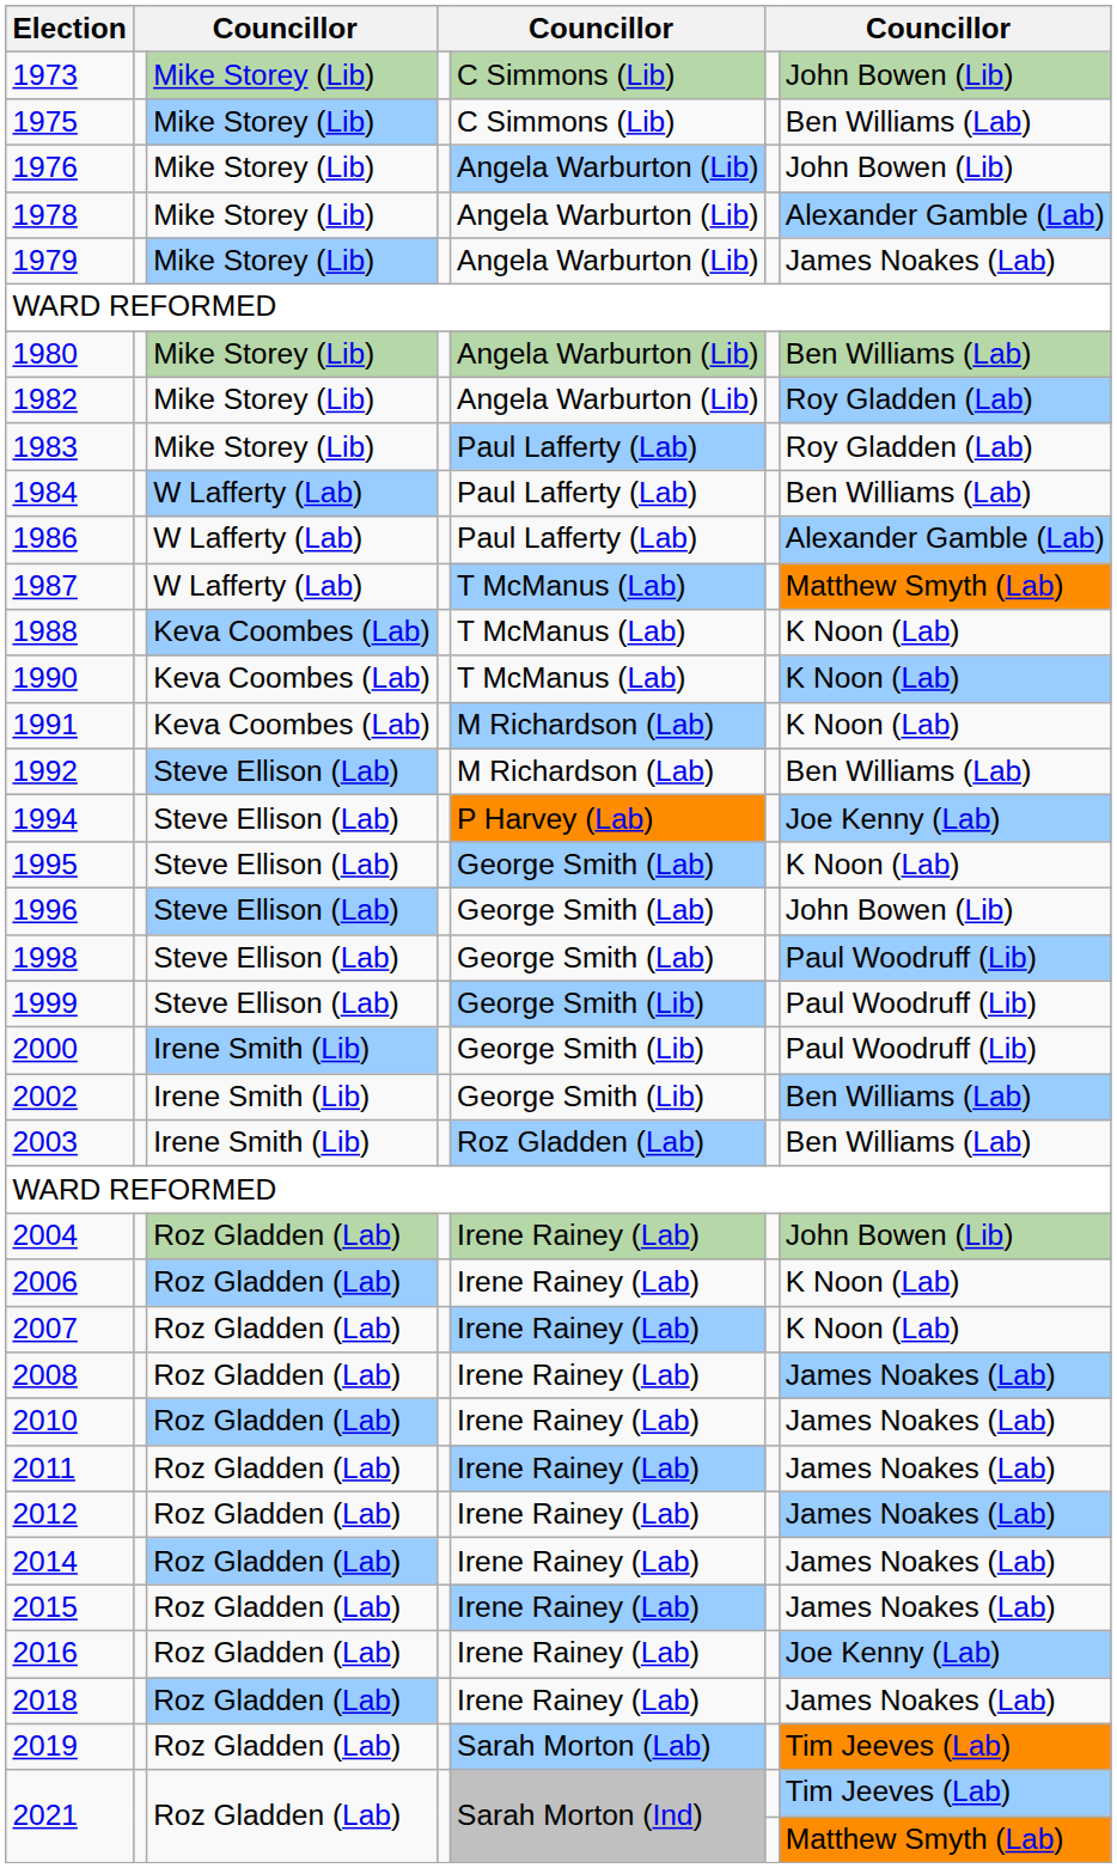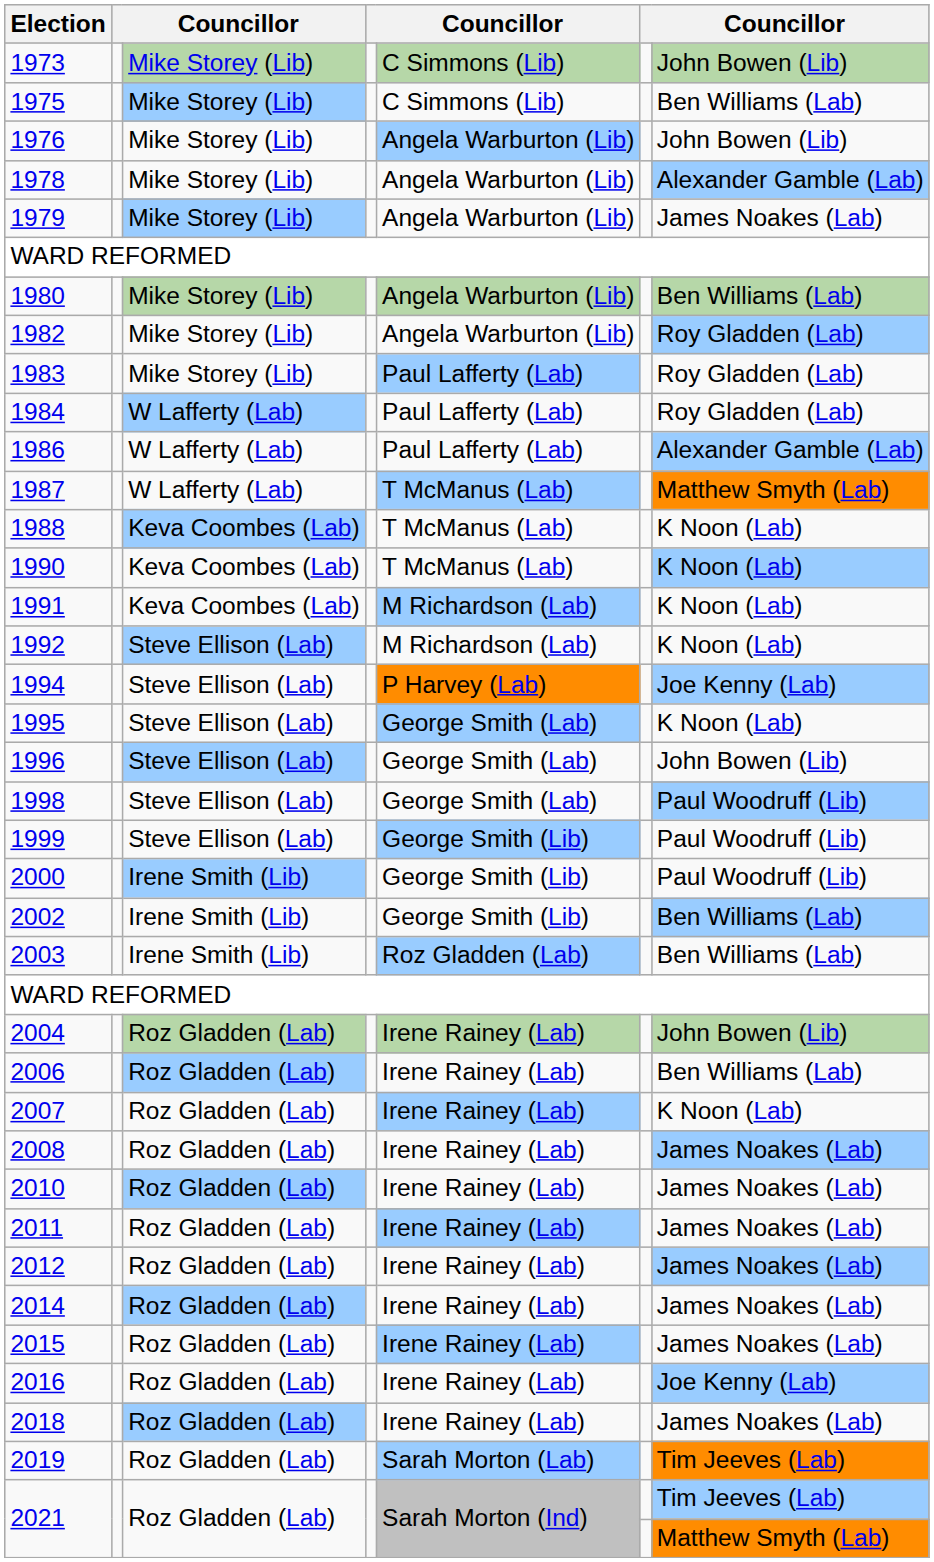 <table class="wikitable">
 <tr>
 <th>Election</th>
 <th colspan="2">Councillor</th>
 <th colspan="2">Councillor</th>
 <th colspan="2">Councillor</th>
 </tr>
 <tr>
 <td><a href='#'>1973</a></td>
 <td style="background-color: "></td>
 <td bgcolor="#B6D7A8"><a href='#'>Mike Storey</a> (<a href='#'>Lib</a>)</td>
 <td style="background-color: "></td>
 <td bgcolor="#B6D7A8">C Simmons (<a href='#'>Lib</a>)</td>
 <td style="background-color: "></td>
 <td bgcolor="#B6D7A8">John Bowen (<a href='#'>Lib</a>)</td>
 </tr>
 <tr>
 <td><a href='#'>1975</a></td>
 <td style="background-color: "></td>
 <td bgcolor="#99CCFF">Mike Storey (<a href='#'>Lib</a>)</td>
 <td style="background-color: "></td>
 <td>C Simmons (<a href='#'>Lib</a>)</td>
 <td style="background-color: "></td>
 <td>Ben Williams (<a href='#'>Lab</a>)</td>
 </tr>
 <tr>
 <td><a href='#'>1976</a></td>
 <td style="background-color: "></td>
 <td>Mike Storey (<a href='#'>Lib</a>)</td>
 <td style="background-color: "></td>
 <td bgcolor="#99CCFF">Angela Warburton (<a href='#'>Lib</a>)</td>
 <td style="background-color: "></td>
 <td>John Bowen (<a href='#'>Lib</a>)</td>
 </tr>
 <tr>
 <td><a href='#'>1978</a></td>
 <td style="background-color: "></td>
 <td>Mike Storey (<a href='#'>Lib</a>)</td>
 <td style="background-color: "></td>
 <td>Angela Warburton (<a href='#'>Lib</a>)</td>
 <td style="background-color: "></td>
 <td bgcolor="#99CCFF">Alexander Gamble (<a href='#'>Lab</a>)</td>
 </tr>
 <tr>
 <td><a href='#'>1979</a></td>
 <td style="background-color: "></td>
 <td bgcolor="#99CCFF">Mike Storey (<a href='#'>Lib</a>)</td>
 <td style="background-color: "></td>
 <td>Angela Warburton (<a href='#'>Lib</a>)</td>
 <td style="background-color: "></td>
 <td>James Noakes (<a href='#'>Lab</a>)</td>
 </tr>
 <tr>
 <td colspan="8" bgcolor="#FFF"><div>WARD REFORMED</div></td>
 </tr>
 <tr>
 <td><a href='#'>1980</a></td>
 <td style="background-color: "></td>
 <td bgcolor="#B6D7A8">Mike Storey (<a href='#'>Lib</a>)</td>
 <td style="background-color: "></td>
 <td bgcolor="#B6D7A8">Angela Warburton (<a href='#'>Lib</a>)</td>
 <td style="background-color: "></td>
 <td bgcolor="#B6D7A8">Ben Williams (<a href='#'>Lab</a>)</td>
 </tr>
 <tr>
 <td><a href='#'>1982</a></td>
 <td style="background-color: "></td>
 <td>Mike Storey (<a href='#'>Lib</a>)</td>
 <td style="background-color: "></td>
 <td>Angela Warburton (<a href='#'>Lib</a>)</td>
 <td style="background-color: "></td>
 <td bgcolor="#99CCFF">Roy Gladden (<a href='#'>Lab</a>)</td>
 </tr>
 <tr>
 <td><a href='#'>1983</a></td>
 <td style="background-color: "></td>
 <td>Mike Storey (<a href='#'>Lib</a>)</td>
 <td style="background-color: "></td>
 <td bgcolor="#99CCFF">Paul Lafferty (<a href='#'>Lab</a>)</td>
 <td style="background-color: "></td>
 <td>Roy Gladden (<a href='#'>Lab</a>)</td>
 </tr>
 <tr>
 <td><a href='#'>1984</a></td>
 <td style="background-color: "></td>
 <td bgcolor="#99CCFF">W Lafferty (<a href='#'>Lab</a>)</td>
 <td style="background-color: "></td>
 <td>Paul Lafferty (<a href='#'>Lab</a>)</td>
 <td style="background-color: "></td>
-<td>Ben Williams (<a href='#'>Lab</a>)</td>
+<td>Roy Gladden (<a href='#'>Lab</a>)</td>
 </tr>
 <tr>
 <td><a href='#'>1986</a></td>
 <td style="background-color: "></td>
 <td>W Lafferty (<a href='#'>Lab</a>)</td>
 <td style="background-color: "></td>
 <td>Paul Lafferty (<a href='#'>Lab</a>)</td>
 <td style="background-color: "></td>
 <td bgcolor="#99CCFF">Alexander Gamble (<a href='#'>Lab</a>)</td>
 </tr>
 <tr>
 <td><a href='#'>1987</a></td>
 <td style="background-color: "></td>
 <td>W Lafferty (<a href='#'>Lab</a>)</td>
 <td style="background-color: "></td>
 <td bgcolor="#99CCFF">T McManus (<a href='#'>Lab</a>)</td>
 <td style="background-color: "></td>
 <td bgcolor="#FF8C00">Matthew Smyth (<a href='#'>Lab</a>)</td>
 </tr>
 <tr>
 <td><a href='#'>1988</a></td>
 <td style="background-color: "></td>
 <td bgcolor="#99CCFF">Keva Coombes (<a href='#'>Lab</a>)</td>
 <td style="background-color: "></td>
 <td>T McManus (<a href='#'>Lab</a>)</td>
 <td style="background-color: "></td>
 <td>K Noon (<a href='#'>Lab</a>)</td>
 </tr>
 <tr>
 <td><a href='#'>1990</a></td>
 <td style="background-color: "></td>
 <td>Keva Coombes (<a href='#'>Lab</a>)</td>
 <td style="background-color: "></td>
 <td>T McManus (<a href='#'>Lab</a>)</td>
 <td style="background-color: "></td>
 <td bgcolor="#99CCFF">K Noon (<a href='#'>Lab</a>)</td>
 </tr>
 <tr>
 <td><a href='#'>1991</a></td>
 <td style="background-color: "></td>
 <td>Keva Coombes (<a href='#'>Lab</a>)</td>
 <td style="background-color: "></td>
 <td bgcolor="#99CCFF">M Richardson (<a href='#'>Lab</a>)</td>
 <td style="background-color: "></td>
 <td>K Noon (<a href='#'>Lab</a>)</td>
 </tr>
 <tr>
 <td><a href='#'>1992</a></td>
 <td style="background-color: "></td>
 <td bgcolor="#99CCFF">Steve Ellison (<a href='#'>Lab</a>)</td>
 <td style="background-color: "></td>
 <td>M Richardson (<a href='#'>Lab</a>)</td>
 <td style="background-color: "></td>
-<td>Ben Williams (<a href='#'>Lab</a>)</td>
+<td>K Noon (<a href='#'>Lab</a>)</td>
 </tr>
 <tr>
 <td><a href='#'>1994</a></td>
 <td style="background-color: "></td>
 <td>Steve Ellison (<a href='#'>Lab</a>)</td>
 <td style="background-color: "></td>
 <td bgcolor="#FF8C00">P Harvey (<a href='#'>Lab</a>)</td>
 <td style="background-color: "></td>
 <td bgcolor="#99CCFF">Joe Kenny (<a href='#'>Lab</a>)</td>
 </tr>
 <tr>
 <td><a href='#'>1995</a></td>
 <td style="background-color: "></td>
 <td>Steve Ellison (<a href='#'>Lab</a>)</td>
 <td style="background-color: "></td>
 <td bgcolor="#99CCFF">George Smith (<a href='#'>Lab</a>)</td>
 <td style="background-color: "></td>
 <td>K Noon (<a href='#'>Lab</a>)</td>
 </tr>
 <tr>
 <td><a href='#'>1996</a></td>
 <td style="background-color: "></td>
 <td bgcolor="#99CCFF">Steve Ellison (<a href='#'>Lab</a>)</td>
 <td style="background-color: "></td>
 <td>George Smith (<a href='#'>Lab</a>)</td>
 <td style="background-color: "></td>
 <td>John Bowen (<a href='#'>Lib</a>)</td>
 </tr>
 <tr>
 <td><a href='#'>1998</a></td>
 <td style="background-color: "></td>
 <td>Steve Ellison (<a href='#'>Lab</a>)</td>
 <td style="background-color: "></td>
 <td>George Smith (<a href='#'>Lab</a>)</td>
 <td style="background-color: "></td>
 <td bgcolor="#99CCFF">Paul Woodruff (<a href='#'>Lib</a>)</td>
 </tr>
 <tr>
 <td><a href='#'>1999</a></td>
 <td style="background-color: "></td>
 <td>Steve Ellison (<a href='#'>Lab</a>)</td>
 <td style="background-color: "></td>
 <td bgcolor="#99CCFF">George Smith (<a href='#'>Lib</a>)</td>
 <td style="background-color: "></td>
 <td>Paul Woodruff (<a href='#'>Lib</a>)</td>
 </tr>
 <tr>
 <td><a href='#'>2000</a></td>
 <td style="background-color: "></td>
 <td bgcolor="#99CCFF">Irene Smith (<a href='#'>Lib</a>)</td>
 <td style="background-color: "></td>
 <td>George Smith (<a href='#'>Lib</a>)</td>
 <td style="background-color: "></td>
 <td>Paul Woodruff (<a href='#'>Lib</a>)</td>
 </tr>
 <tr>
 <td><a href='#'>2002</a></td>
 <td style="background-color: "></td>
 <td>Irene Smith (<a href='#'>Lib</a>)</td>
 <td style="background-color: "></td>
 <td>George Smith (<a href='#'>Lib</a>)</td>
 <td style="background-color: "></td>
 <td bgcolor="#99CCFF">Ben Williams (<a href='#'>Lab</a>)</td>
 </tr>
 <tr>
 <td><a href='#'>2003</a></td>
 <td style="background-color: "></td>
 <td>Irene Smith (<a href='#'>Lib</a>)</td>
 <td style="background-color: "></td>
 <td bgcolor="#99CCFF">Roz Gladden (<a href='#'>Lab</a>)</td>
 <td style="background-color: "></td>
 <td>Ben Williams (<a href='#'>Lab</a>)</td>
 </tr>
 <tr>
 <td colspan="8" bgcolor="#FFF"><div>WARD REFORMED</div></td>
 </tr>
 <tr>
 <td><a href='#'>2004</a></td>
 <td style="background-color: "></td>
 <td bgcolor="#B6D7A8">Roz Gladden (<a href='#'>Lab</a>)</td>
 <td style="background-color: "></td>
 <td bgcolor="#B6D7A8">Irene Rainey (<a href='#'>Lab</a>)</td>
 <td style="background-color: "></td>
 <td bgcolor="#B6D7A8">John Bowen (<a href='#'>Lib</a>)</td>
 </tr>
 <tr>
 <td><a href='#'>2006</a></td>
 <td style="background-color: "></td>
 <td bgcolor="#99CCFF">Roz Gladden (<a href='#'>Lab</a>)</td>
 <td style="background-color: "></td>
 <td>Irene Rainey (<a href='#'>Lab</a>)</td>
 <td style="background-color: "></td>
-<td>K Noon (<a href='#'>Lab</a>)</td>
+<td>Ben Williams (<a href='#'>Lab</a>)</td>
 </tr>
 <tr>
 <td><a href='#'>2007</a></td>
 <td style="background-color: "></td>
 <td>Roz Gladden (<a href='#'>Lab</a>)</td>
 <td style="background-color: "></td>
 <td bgcolor="#99CCFF">Irene Rainey (<a href='#'>Lab</a>)</td>
 <td style="background-color: "></td>
 <td>K Noon (<a href='#'>Lab</a>)</td>
 </tr>
 <tr>
 <td><a href='#'>2008</a></td>
 <td style="background-color: "></td>
 <td>Roz Gladden (<a href='#'>Lab</a>)</td>
 <td style="background-color: "></td>
 <td>Irene Rainey (<a href='#'>Lab</a>)</td>
 <td style="background-color: "></td>
 <td bgcolor="#99CCFF">James Noakes (<a href='#'>Lab</a>)</td>
 </tr>
 <tr>
 <td><a href='#'>2010</a></td>
 <td style="background-color: "></td>
 <td bgcolor="#99CCFF">Roz Gladden (<a href='#'>Lab</a>)</td>
 <td style="background-color: "></td>
 <td>Irene Rainey (<a href='#'>Lab</a>)</td>
 <td style="background-color: "></td>
 <td>James Noakes (<a href='#'>Lab</a>)</td>
 </tr>
 <tr>
 <td><a href='#'>2011</a></td>
 <td style="background-color: "></td>
 <td>Roz Gladden (<a href='#'>Lab</a>)</td>
 <td style="background-color: "></td>
 <td bgcolor="#99CCFF">Irene Rainey (<a href='#'>Lab</a>)</td>
 <td style="background-color: "></td>
 <td>James Noakes (<a href='#'>Lab</a>)</td>
 </tr>
 <tr>
 <td><a href='#'>2012</a></td>
 <td style="background-color: "></td>
 <td>Roz Gladden (<a href='#'>Lab</a>)</td>
 <td style="background-color: "></td>
 <td>Irene Rainey (<a href='#'>Lab</a>)</td>
 <td style="background-color: "></td>
 <td bgcolor="#99CCFF">James Noakes (<a href='#'>Lab</a>)</td>
 </tr>
 <tr>
 <td><a href='#'>2014</a></td>
 <td style="background-color: "></td>
 <td bgcolor="#99CCFF">Roz Gladden (<a href='#'>Lab</a>)</td>
 <td style="background-color: "></td>
 <td>Irene Rainey (<a href='#'>Lab</a>)</td>
 <td style="background-color: "></td>
 <td>James Noakes (<a href='#'>Lab</a>)</td>
 </tr>
 <tr>
 <td><a href='#'>2015</a></td>
 <td style="background-color: "></td>
 <td>Roz Gladden (<a href='#'>Lab</a>)</td>
 <td style="background-color: "></td>
 <td bgcolor="#99CCFF">Irene Rainey (<a href='#'>Lab</a>)</td>
 <td style="background-color: "></td>
 <td>James Noakes (<a href='#'>Lab</a>)</td>
 </tr>
 <tr>
 <td><a href='#'>2016</a></td>
 <td style="background-color: "></td>
 <td>Roz Gladden (<a href='#'>Lab</a>)</td>
 <td style="background-color: "></td>
 <td>Irene Rainey (<a href='#'>Lab</a>)</td>
 <td style="background-color: "></td>
 <td bgcolor="#99CCFF">Joe Kenny (<a href='#'>Lab</a>)</td>
 </tr>
 <tr>
 <td><a href='#'>2018</a></td>
 <td style="background-color: "></td>
 <td bgcolor="#99CCFF">Roz Gladden (<a href='#'>Lab</a>)</td>
 <td style="background-color: "></td>
 <td>Irene Rainey (<a href='#'>Lab</a>)</td>
 <td style="background-color: "></td>
 <td>James Noakes (<a href='#'>Lab</a>)</td>
 </tr>
 <tr>
 <td><a href='#'>2019</a></td>
 <td style="background-color: "></td>
 <td>Roz Gladden (<a href='#'>Lab</a>)</td>
 <td style="background-color: "></td>
 <td bgcolor="#99CCFF">Sarah Morton (<a href='#'>Lab</a>)</td>
 <td style="background-color: "></td>
 <td bgcolor="#FF8C00">Tim Jeeves (<a href='#'>Lab</a>)</td>
 </tr>
 <tr>
 <td rowspan="2"><a href='#'>2021</a></td>
 <td rowspan="2" style="background-color: "></td>
 <td rowspan="2">Roz Gladden (<a href='#'>Lab</a>)</td>
 <td rowspan="2" style="background-color: "></td>
 <td rowspan="2" bgcolor="#C0C0C0">Sarah Morton (<a href='#'>Ind</a>)</td>
 <td style="background-color: "></td>
 <td bgcolor="#99CCFF">Tim Jeeves (<a href='#'>Lab</a>)</td>
 </tr>
 <tr>
 <td style="background-color: "></td>
 <td bgcolor="#FF8C00">Matthew Smyth (<a href='#'>Lab</a>)</td>
 </tr>
 <tr>
 </tr>
 </table>
